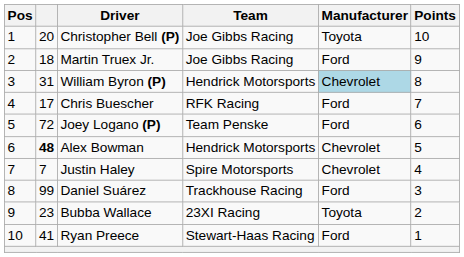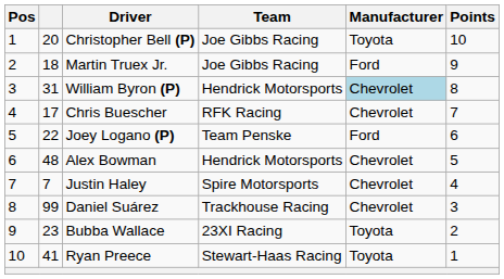 <table class="wikitable" style="font-size:98%">
 <tr>
 <th>Pos</th>
 <th></th>
 <th>Driver</th>
 <th>Team</th>
 <th>Manufacturer</th>
 <th>Points</th>
 </tr>
 <tr>
 <td>1</td>
 <td>20</td>
 <td>Christopher Bell <strong>(P)</strong></td>
 <td>Joe Gibbs Racing</td>
 <td>Toyota</td>
 <td>10</td>
 </tr>
 <tr>
 <td>2</td>
 <td>18</td>
 <td>Martin Truex Jr.</td>
 <td>Joe Gibbs Racing</td>
 <td>Ford</td>
 <td>9</td>
 </tr>
 <tr>
 <td>3</td>
 <td>31</td>
 <td>William Byron <strong>(P)</strong></td>
 <td>Hendrick Motorsports</td>
 <td style="background: lightblue;">Chevrolet</td>
 <td>8</td>
 </tr>
 <tr>
 <td>4</td>
 <td>17</td>
 <td>Chris Buescher</td>
 <td>RFK Racing</td>
-<td>Ford</td>
+<td>Chevrolet</td>
 <td>7</td>
 </tr>
 <tr>
 <td>5</td>
-<td>72</td>
+<td>22</td>
 <td>Joey Logano <strong>(P)</strong></td>
 <td>Team Penske</td>
 <td>Ford</td>
 <td>6</td>
 </tr>
 <tr>
 <td>6</td>
-<td><strong>48</strong></td>
+<td>48</td>
 <td>Alex Bowman</td>
 <td>Hendrick Motorsports</td>
 <td>Chevrolet</td>
 <td>5</td>
 </tr>
 <tr>
 <td>7</td>
 <td>7</td>
 <td>Justin Haley</td>
 <td>Spire Motorsports</td>
 <td>Chevrolet</td>
 <td>4</td>
 </tr>
 <tr>
 <td>8</td>
 <td>99</td>
 <td>Daniel Suárez</td>
 <td>Trackhouse Racing</td>
-<td>Ford</td>
+<td>Chevrolet</td>
 <td>3</td>
 </tr>
 <tr>
 <td>9</td>
 <td>23</td>
 <td>Bubba Wallace</td>
 <td>23XI Racing</td>
 <td>Toyota</td>
 <td>2</td>
 </tr>
 <tr>
 <td>10</td>
 <td>41</td>
 <td>Ryan Preece</td>
 <td>Stewart-Haas Racing</td>
-<td>Ford</td>
+<td>Toyota</td>
 <td>1</td>
 </tr>
 <tr>
 <th colspan="6"></th>
 </tr>
 </table>
